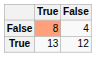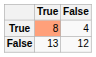 <table class="wikitable" style="text-align:right">
 <tr>
 <th></th>
 <th>True</th>
 <th>False</th>
 </tr>
 <tr>
-<th>False</th>
+<th>True</th>
 <td style="background: lightsalmon;">8</td>
 <td>4</td>
 </tr>
 <tr>
-<th>True</th>
+<th>False</th>
 <td>13</td>
 <td>12</td>
 </tr>
 </table>
